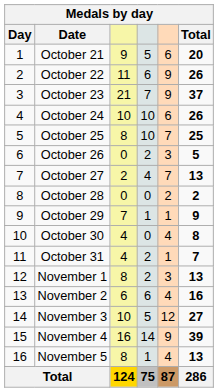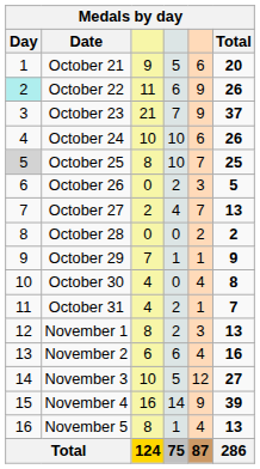 <table class=wikitable style="font-size:85%; float:right; text-align:center">
 <tr>
 <th colspan=6>Medals by day</th>
 </tr>
 <tr>
 <th>Day</th>
 <th>Date</th>
 <td bgcolor=F7F6A8></td>
 <td bgcolor=DCE5E5></td>
 <td bgcolor=FFDAB9></td>
 <th>Total</th>
 </tr>
 <tr>
 <td>1</td>
 <td>October 21</td>
 <td bgcolor=F7F6A8>9</td>
 <td bgcolor=DCE5E5>5</td>
 <td bgcolor=FFDAB9>6</td>
 <td><strong>20</strong></td>
 </tr>
 <tr>
-<td>2</td>
+<td style="background: paleturquoise;">2</td>
 <td>October 22</td>
 <td bgcolor=F7F6A8>11</td>
 <td bgcolor=DCE5E5>6</td>
 <td bgcolor=FFDAB9>9</td>
 <td><strong>26</strong></td>
 </tr>
 <tr>
 <td>3</td>
 <td>October 23</td>
 <td bgcolor=F7F6A8>21</td>
 <td bgcolor=DCE5E5>7</td>
 <td bgcolor=FFDAB9>9</td>
 <td><strong>37</strong></td>
 </tr>
 <tr>
 <td>4</td>
 <td>October 24</td>
 <td bgcolor=F7F6A8>10</td>
 <td bgcolor=DCE5E5>10</td>
 <td bgcolor=FFDAB9>6</td>
 <td><strong>26</strong></td>
 </tr>
 <tr>
-<td>5</td>
+<td style="background: lightgrey;">5</td>
 <td>October 25</td>
 <td bgcolor=F7F6A8>8</td>
 <td bgcolor=DCE5E5>10</td>
 <td bgcolor=FFDAB9>7</td>
 <td><strong>25</strong></td>
 </tr>
 <tr>
 <td>6</td>
 <td>October 26</td>
 <td bgcolor=F7F6A8>0</td>
 <td bgcolor=DCE5E5>2</td>
 <td bgcolor=FFDAB9>3</td>
 <td><strong>5</strong></td>
 </tr>
 <tr>
 <td>7</td>
 <td>October 27</td>
 <td bgcolor=F7F6A8>2</td>
 <td bgcolor=DCE5E5>4</td>
 <td bgcolor=FFDAB9>7</td>
 <td><strong>13</strong></td>
 </tr>
 <tr>
 <td>8</td>
 <td>October 28</td>
 <td bgcolor=F7F6A8>0</td>
 <td bgcolor=DCE5E5>0</td>
 <td bgcolor=FFDAB9>2</td>
 <td><strong>2</strong></td>
 </tr>
 <tr>
 <td>9</td>
 <td>October 29</td>
 <td bgcolor=F7F6A8>7</td>
 <td bgcolor=DCE5E5>1</td>
 <td bgcolor=FFDAB9>1</td>
 <td><strong>9</strong></td>
 </tr>
 <tr>
 <td>10</td>
 <td>October 30</td>
 <td bgcolor=F7F6A8>4</td>
 <td bgcolor=DCE5E5>0</td>
 <td bgcolor=FFDAB9>4</td>
 <td><strong>8</strong></td>
 </tr>
 <tr>
 <td>11</td>
 <td>October 31</td>
 <td bgcolor=F7F6A8>4</td>
 <td bgcolor=DCE5E5>2</td>
 <td bgcolor=FFDAB9>1</td>
 <td><strong>7</strong></td>
 </tr>
 <tr>
 <td>12</td>
 <td>November 1</td>
 <td bgcolor=F7F6A8>8</td>
 <td bgcolor=DCE5E5>2</td>
 <td bgcolor=FFDAB9>3</td>
 <td><strong>13</strong></td>
 </tr>
 <tr>
 <td>13</td>
 <td>November 2</td>
 <td bgcolor=F7F6A8>6</td>
 <td bgcolor=DCE5E5>6</td>
 <td bgcolor=FFDAB9>4</td>
 <td><strong>16</strong></td>
 </tr>
 <tr>
 <td>14</td>
 <td>November 3</td>
 <td bgcolor=F7F6A8>10</td>
 <td bgcolor=DCE5E5>5</td>
 <td bgcolor=FFDAB9>12</td>
 <td><strong>27</strong></td>
 </tr>
 <tr>
 <td>15</td>
 <td>November 4</td>
 <td bgcolor=F7F6A8>16</td>
 <td bgcolor=DCE5E5>14</td>
 <td bgcolor=FFDAB9>9</td>
 <td><strong>39</strong></td>
 </tr>
 <tr>
 <td>16</td>
 <td>November 5</td>
 <td bgcolor=F7F6A8>8</td>
 <td bgcolor=DCE5E5>1</td>
 <td bgcolor=FFDAB9>4</td>
 <td><strong>13</strong></td>
 </tr>
 <tr>
 <th colspan=2>Total</th>
 <th style=background:gold>124</th>
 <th style=background:silver>75</th>
 <th style=background:#c96>87</th>
 <th>286</th>
 </tr>
 </table>
